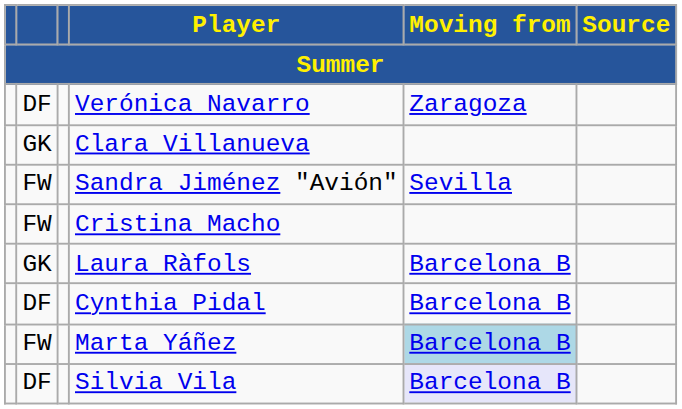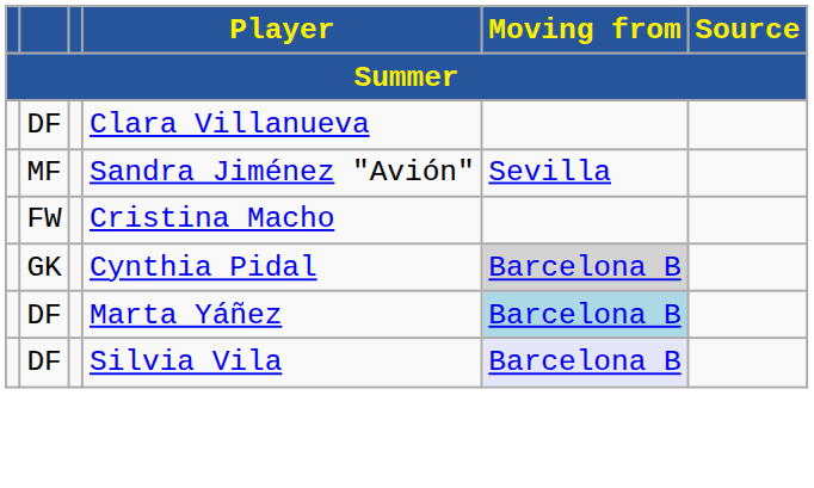 <table class="wikitable plainrowheaders sortable" style="text-align:center">
 <tr>
 <th style="background:#26559B; color:#FFF000; "></th>
 <th style="background:#26559B; color:#FFF000; "></th>
 <th style="background:#26559B; color:#FFF000; "></th>
 <th style="background:#26559B; color:#FFF000; ">Player</th>
 <th style="background:#26559B; color:#FFF000; ">Moving from</th>
 <th style="background:#26559B; color:#FFF000; ">Source</th>
 </tr>
 <tr>
 <th colspan="6" style="background:#26559B; color:#FFF000; ">Summer</th>
 </tr>
 <tr>
 <td></td>
 <td>DF</td>
 <td></td>
-<td align="left"><a href='#'>Verónica Navarro</a></td>
-<td align="left"><a href='#'>Zaragoza</a></td>
-<td></td>
-</tr>
-<tr>
-<td></td>
-<td>GK</td>
-<td></td>
 <td align="left"><a href='#'>Clara Villanueva</a></td>
 <td align="left"></td>
 <td></td>
 </tr>
 <tr>
 <td></td>
-<td>FW</td>
+<td>MF</td>
 <td></td>
 <td align="left"><a href='#'>Sandra Jiménez</a> "Avión"</td>
 <td align="left"><a href='#'>Sevilla</a></td>
 <td></td>
 </tr>
 <tr>
 <td></td>
 <td>FW</td>
 <td></td>
 <td align="left"><a href='#'>Cristina Macho</a></td>
 <td align="left"></td>
 <td></td>
 </tr>
 <tr>
 <td></td>
 <td>GK</td>
 <td></td>
-<td align="left"><a href='#'>Laura Ràfols</a></td>
-<td align="left"><a href='#'>Barcelona B</a></td>
+<td align="left"><a href='#'>Cynthia Pidal</a></td>
+<td align="left" style="background: lightgrey;"><a href='#'>Barcelona B</a></td>
 <td></td>
 </tr>
 <tr>
 <td></td>
 <td>DF</td>
-<td></td>
-<td align="left"><a href='#'>Cynthia Pidal</a></td>
-<td align="left"><a href='#'>Barcelona B</a></td>
-<td></td>
-</tr>
-<tr>
-<td></td>
-<td>FW</td>
 <td></td>
 <td align="left"><a href='#'>Marta Yáñez</a></td>
 <td align="left" style="background: lightblue;"><a href='#'>Barcelona B</a></td>
 <td></td>
 </tr>
 <tr>
 <td></td>
 <td>DF</td>
 <td></td>
 <td align="left"><a href='#'>Silvia Vila</a></td>
 <td align="left" style="background: lavender;"><a href='#'>Barcelona B</a></td>
 <td></td>
 </tr>
 </table>
